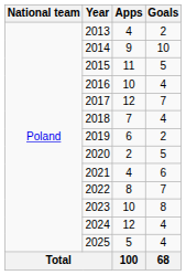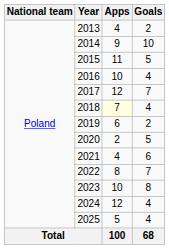 <table class="wikitable" style="text-align:center">
 <tr>
 <th>National team</th>
 <th>Year</th>
 <th>Apps</th>
 <th>Goals</th>
 </tr>
 <tr>
 <td rowspan="13"><a href='#'>Poland</a></td>
 <td>2013</td>
 <td>4</td>
 <td>2</td>
 </tr>
 <tr>
 <td>2014</td>
 <td>9</td>
 <td>10</td>
 </tr>
 <tr>
 <td>2015</td>
 <td>11</td>
 <td>5</td>
 </tr>
 <tr>
 <td>2016</td>
 <td>10</td>
 <td>4</td>
 </tr>
 <tr>
 <td>2017</td>
 <td>12</td>
 <td>7</td>
 </tr>
 <tr>
 <td>2018</td>
-<td>7</td>
+<td style="background: lightyellow;">7</td>
 <td>4</td>
 </tr>
 <tr>
 <td>2019</td>
 <td>6</td>
 <td>2</td>
 </tr>
 <tr>
 <td>2020</td>
 <td>2</td>
 <td>5</td>
 </tr>
 <tr>
 <td>2021</td>
 <td>4</td>
 <td>6</td>
 </tr>
 <tr>
 <td>2022</td>
 <td>8</td>
 <td>7</td>
 </tr>
 <tr>
 <td>2023</td>
 <td>10</td>
 <td>8</td>
 </tr>
 <tr>
 <td>2024</td>
 <td>12</td>
 <td>4</td>
 </tr>
 <tr>
 <td>2025</td>
 <td>5</td>
 <td>4</td>
 </tr>
 <tr>
 <th colspan="2">Total</th>
 <th>100</th>
 <th>68</th>
 </tr>
 </table>
